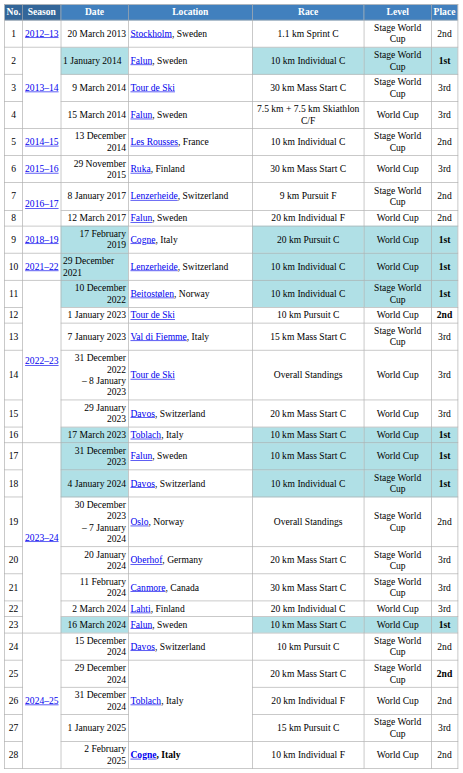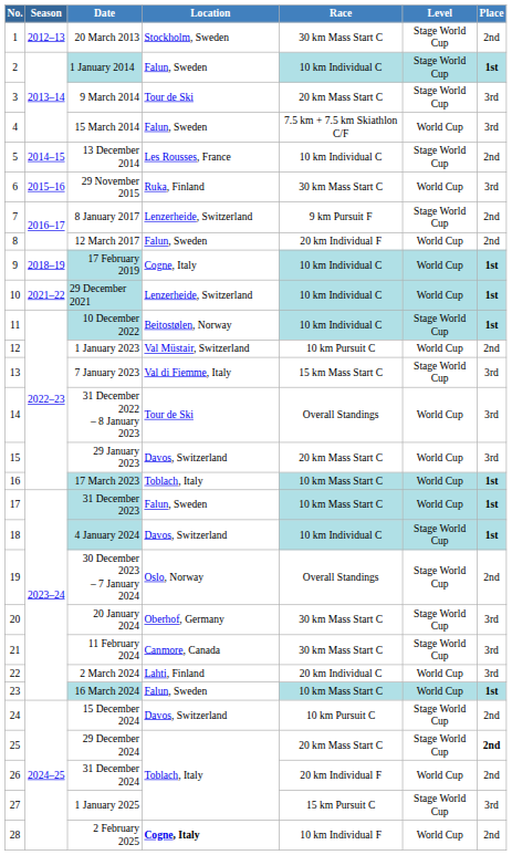 <table class="wikitable sortable" style="font-size:95%; text-align:center; border:grey solid 1px; border-collapse:collapse; background:#ffffff;">
 <tr style="background:#efefef;">
 <th style="background-color:#369; color:white;">No.</th>
 <th style="background-color:#369; color:white;">Season</th>
 <th style="background-color:#4180be; color:white; width:100px;">Date</th>
 <th style="background-color:#4180be; color:white; width:190px;">Location</th>
 <th style="background-color:#4180be; color:white; width:170px;">Race</th>
 <th style="background-color:#4180be; color:white; width:100px;">Level</th>
 <th style="background-color:#4180be; color:white;">Place</th>
 </tr>
 <tr>
 <td align=center>1</td>
 <td rowspan=1 align=center><a href='#'>2012–13</a></td>
 <td align=right>20 March 2013</td>
 <td align=left> <a href='#'>Stockholm</a>, Sweden</td>
-<td>1.1 km Sprint C</td>
+<td align=center>30 km Mass Start C</td>
 <td>Stage World Cup</td>
 <td>2nd</td>
 </tr>
 <tr>
 <td align=center>2</td>
 <td rowspan=3 align=center><a href='#'>2013–14</a></td>
 <td align=left bgcolor="#BOEOE6" align=right>1 January 2014</td>
 <td align=left> <a href='#'>Falun</a>, Sweden</td>
 <td bgcolor="#BOEOE6">10 km Individual C</td>
 <td bgcolor="#BOEOE6">Stage World Cup</td>
 <td bgcolor="#BOEOE6"><strong>1st</strong></td>
 </tr>
 <tr>
 <td align=center>3</td>
 <td align=right>9 March 2014</td>
 <td align=left> <a href='#'>Tour de Ski</a></td>
-<td align=center>30 km Mass Start C</td>
+<td>20 km Mass Start C</td>
 <td>Stage World Cup</td>
 <td>3rd</td>
 </tr>
 <tr>
 <td align=center>4</td>
 <td align=right>15 March 2014</td>
 <td align=left> <a href='#'>Falun</a>, Sweden</td>
 <td>7.5 km + 7.5 km Skiathlon C/F</td>
 <td>World Cup</td>
 <td>3rd</td>
 </tr>
 <tr>
 <td align=center>5</td>
 <td rowspan=1 align=center><a href='#'>2014–15</a></td>
 <td align=right>13 December 2014</td>
 <td align=left> <a href='#'>Les Rousses</a>, France</td>
 <td>10 km Individual C</td>
 <td>Stage World Cup</td>
 <td>2nd</td>
 </tr>
 <tr>
 <td align=center>6</td>
 <td rowspan=1 align=center><a href='#'>2015–16</a></td>
 <td align=right>29 November 2015</td>
 <td align=left> <a href='#'>Ruka</a>, Finland</td>
 <td align=center>30 km Mass Start C</td>
 <td>World Cup</td>
 <td>3rd</td>
 </tr>
 <tr>
 <td align=center>7</td>
 <td rowspan=2 align=center><a href='#'>2016–17</a></td>
 <td align=right>8 January 2017</td>
 <td align=left> <a href='#'>Lenzerheide</a>, Switzerland</td>
 <td>9 km Pursuit F</td>
 <td>Stage World Cup</td>
 <td>2nd</td>
 </tr>
 <tr>
 <td align=center>8</td>
 <td align=right>12 March 2017</td>
 <td align=left> <a href='#'>Falun</a>, Sweden</td>
 <td>20 km Individual F</td>
 <td>World Cup</td>
 <td>2nd</td>
 </tr>
 <tr>
 <td align=center>9</td>
 <td rowspan=1 align=center><a href='#'>2018–19</a></td>
 <td bgcolor="#BOEOE6" align=right>17 February 2019</td>
 <td align=left> <a href='#'>Cogne</a>, Italy</td>
-<td bgcolor="#BOEOE6">20 km Pursuit C</td>
+<td bgcolor="#BOEOE6">10 km Individual C</td>
 <td bgcolor="#BOEOE6">World Cup</td>
 <td bgcolor="#BOEOE6"><strong>1st</strong></td>
 </tr>
 <tr>
 <td align=center>10</td>
 <td rowspan=1 align=center><a href='#'>2021–22</a></td>
 <td align=left bgcolor="#BOEOE6" align=right>29 December 2021</td>
 <td align=left> <a href='#'>Lenzerheide</a>, Switzerland</td>
 <td bgcolor="#BOEOE6" align=center>10 km Individual C</td>
 <td bgcolor="#BOEOE6">World Cup</td>
 <td bgcolor="#BOEOE6"><strong>1st</strong></td>
 </tr>
 <tr>
 <td align=center>11</td>
 <td rowspan=6 align=center><a href='#'>2022–23</a></td>
 <td bgcolor="#BOEOE6" align=right>10 December 2022</td>
 <td align=left> <a href='#'>Beitostølen</a>, Norway</td>
 <td bgcolor="#BOEOE6">10 km Individual C</td>
 <td bgcolor="#BOEOE6">Stage World Cup</td>
 <td bgcolor="#BOEOE6"><strong>1st</strong></td>
 </tr>
 <tr>
 <td align=center>12</td>
 <td align=right>1 January 2023</td>
-<td align=left> <a href='#'>Tour de Ski</a></td>
+<td align=left> <a href='#'>Val Müstair</a>, Switzerland</td>
 <td align=center>10 km Pursuit C</td>
 <td>World Cup</td>
-<td><strong>2nd</strong></td>
+<td>2nd</td>
 </tr>
 <tr>
 <td align=center>13</td>
 <td align=right>7 January 2023</td>
 <td align=left> <a href='#'>Val di Fiemme</a>, Italy</td>
 <td align=center>15 km Mass Start C</td>
 <td>Stage World Cup</td>
 <td>3rd</td>
 </tr>
 <tr>
 <td align=center>14</td>
 <td align=right>31 December 2022<br>– 8 January 2023</td>
 <td align=left> <a href='#'>Tour de Ski</a></td>
 <td>Overall Standings</td>
 <td>World Cup</td>
 <td>3rd</td>
 </tr>
 <tr>
 <td align=center>15</td>
 <td align=right>29 January 2023</td>
 <td align=left> <a href='#'>Davos</a>, Switzerland</td>
 <td align=center>20 km Mass Start C</td>
 <td>World Cup</td>
 <td>3rd</td>
 </tr>
 <tr>
 <td align=center>16</td>
 <td align=right bgcolor="#BOEOE6">17 March 2023</td>
 <td align=left> <a href='#'>Toblach</a>, Italy</td>
 <td bgcolor="#BOEOE6" align=center>10 km Mass Start C</td>
 <td bgcolor="#BOEOE6">World Cup</td>
 <td bgcolor="#BOEOE6"><strong>1st</strong></td>
 </tr>
 <tr>
 <td align=center>17</td>
 <td rowspan=7 align=center><a href='#'>2023–24</a></td>
 <td bgcolor="#BOEOE6" align=right>31 December 2023</td>
 <td align=left> <a href='#'>Falun</a>, Sweden</td>
 <td bgcolor="#BOEOE6" align=center>10 km Mass Start C</td>
 <td bgcolor="#BOEOE6">World Cup</td>
 <td bgcolor="#BOEOE6"><strong>1st</strong></td>
 </tr>
 <tr>
 <td align=center>18</td>
 <td align=right bgcolor="#BOEOE6">4 January 2024</td>
 <td align=left> <a href='#'>Davos</a>, Switzerland</td>
 <td bgcolor="#BOEOE6">10 km Individual C</td>
 <td bgcolor="#BOEOE6">Stage World Cup</td>
 <td bgcolor="#BOEOE6"><strong>1st</strong></td>
 </tr>
 <tr>
 <td align=center>19</td>
 <td align=right>30 December 2023<br>– 7 January 2024</td>
 <td align=left> <a href='#'>Oslo</a>, Norway</td>
 <td>Overall Standings</td>
 <td>Stage World Cup</td>
 <td>2nd</td>
 </tr>
 <tr>
 <td align=center>20</td>
 <td align=right>20 January 2024</td>
 <td align=left> <a href='#'>Oberhof</a>, Germany</td>
-<td>20 km Mass Start C</td>
+<td align=center>30 km Mass Start C</td>
 <td>Stage World Cup</td>
 <td>3rd</td>
 </tr>
 <tr>
 <td align=center>21</td>
 <td align=right>11 February 2024</td>
 <td align=left> <a href='#'>Canmore</a>, Canada</td>
 <td align=center>30 km Mass Start C</td>
 <td>Stage World Cup</td>
 <td>3rd</td>
 </tr>
 <tr>
 <td align=center>22</td>
 <td align=right>2 March 2024</td>
 <td align=left> <a href='#'>Lahti</a>, Finland</td>
 <td>20 km Individual C</td>
 <td>World Cup</td>
 <td>3rd</td>
 </tr>
 <tr>
 <td align=center>23</td>
 <td align=right bgcolor="#BOEOE6">16 March 2024</td>
 <td align=left> <a href='#'>Falun</a>, Sweden</td>
 <td bgcolor="#BOEOE6" align=center>10 km Mass Start C</td>
 <td bgcolor="#BOEOE6">World Cup</td>
 <td bgcolor="#BOEOE6"><strong>1st</strong></td>
 </tr>
 <tr>
 <td align=center>24</td>
 <td rowspan=5 align=center><a href='#'>2024–25</a></td>
 <td align=right>15 December 2024</td>
 <td align=left> <a href='#'>Davos</a>, Switzerland</td>
 <td>10 km Pursuit C</td>
 <td>Stage World Cup</td>
 <td>2nd</td>
 </tr>
 <tr>
 <td align=center>25</td>
 <td align=right>29 December 2024</td>
 <td align=left rowspan=3> <a href='#'>Toblach</a>, Italy</td>
 <td>20 km Mass Start C</td>
 <td>Stage World Cup</td>
 <td><strong>2nd</strong></td>
 </tr>
 <tr>
 <td align=center>26</td>
 <td align=right>31 December 2024</td>
 <td>20 km Individual F</td>
 <td>World Cup</td>
 <td>2nd</td>
 </tr>
 <tr>
 <td align=center>27</td>
 <td align=right>1 January 2025</td>
 <td>15 km Pursuit C</td>
 <td>Stage World Cup</td>
 <td>3rd</td>
 </tr>
 <tr>
 <td align=center>28</td>
 <td align=right>2 February 2025</td>
 <td align=left><strong> <a href='#'>Cogne</a>, Italy</strong></td>
 <td>10 km Individual F</td>
 <td>World Cup</td>
 <td>2nd</td>
 </tr>
 </table>
